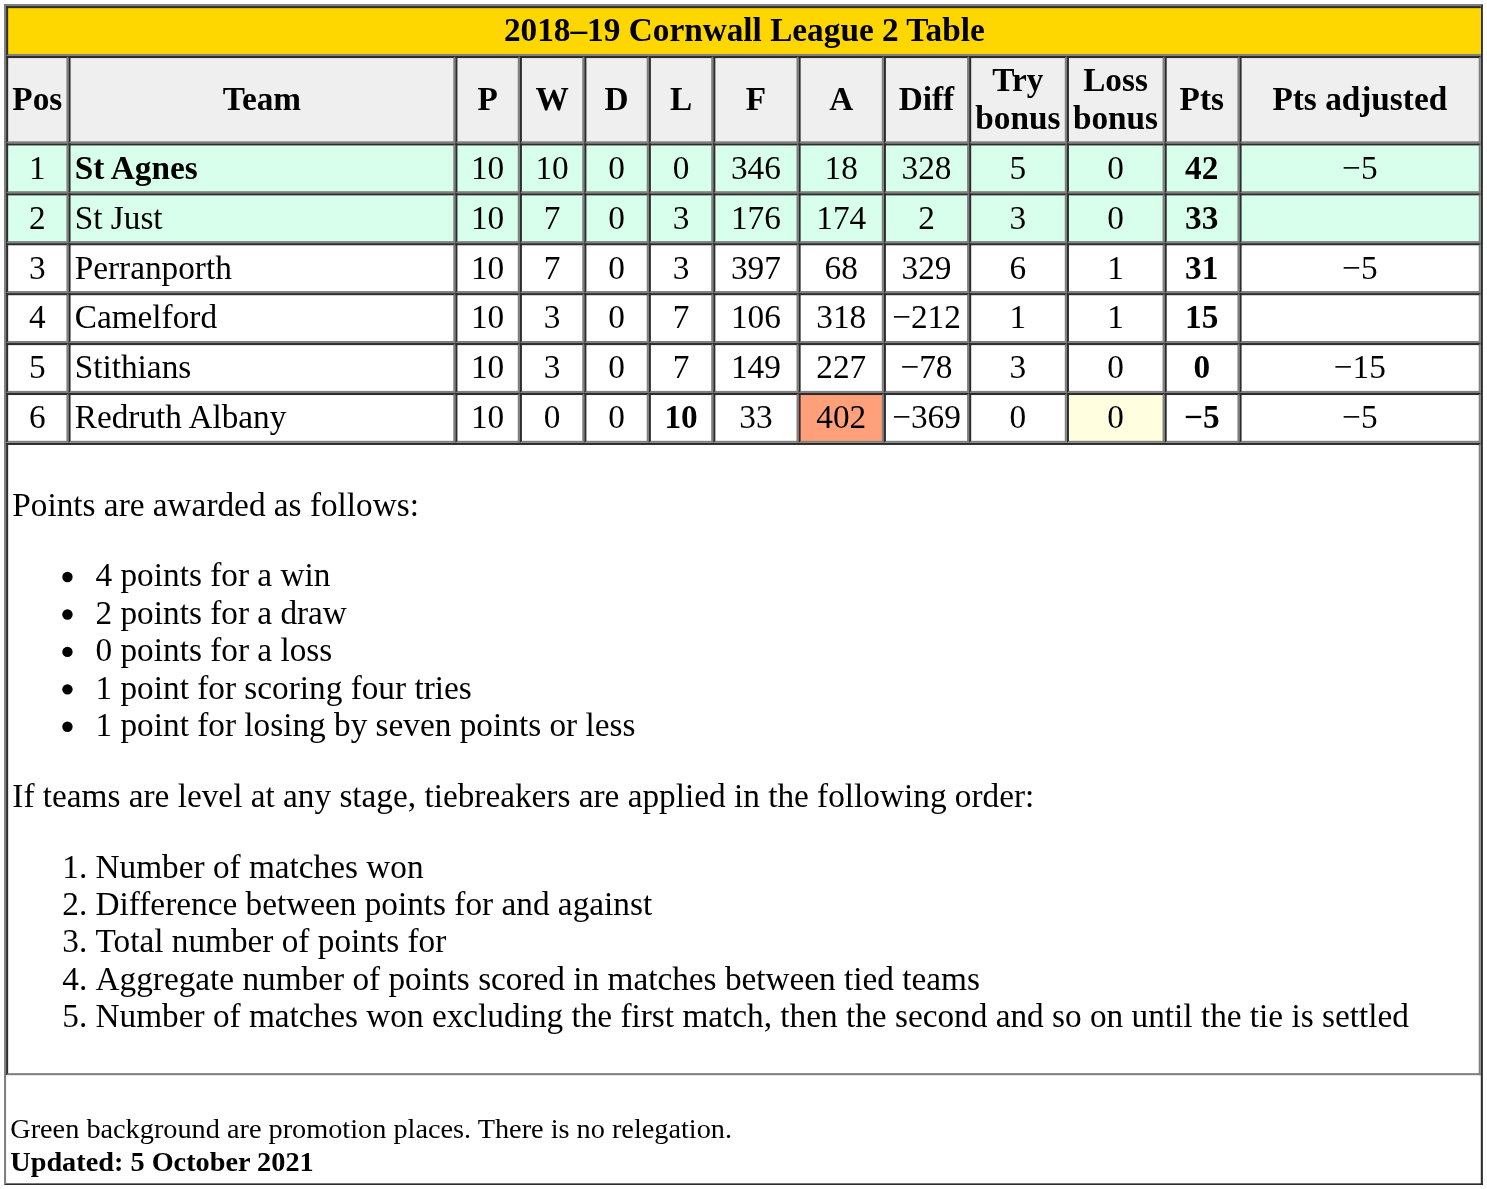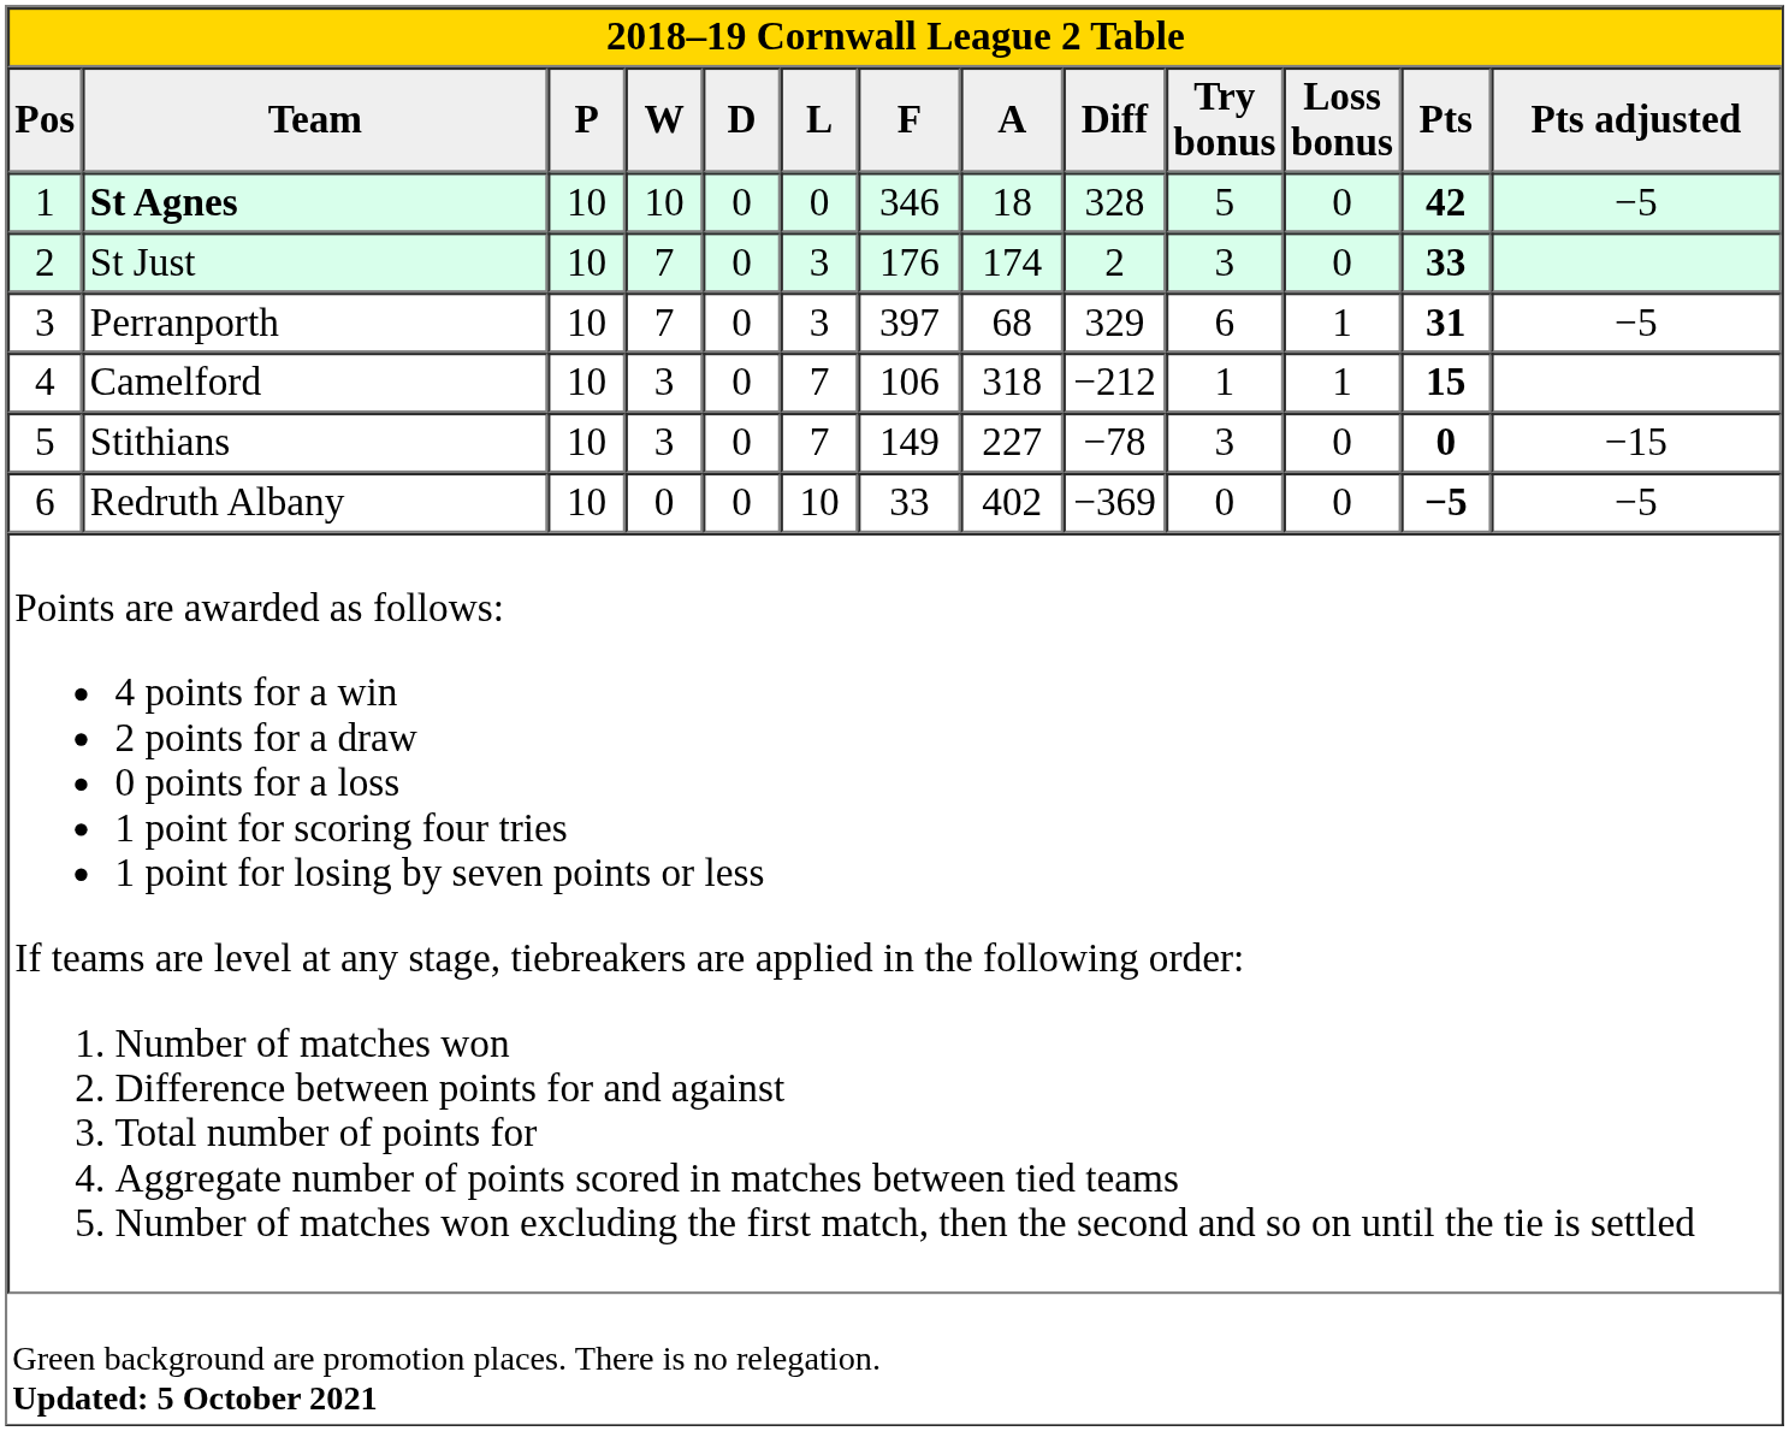 <table border="1" cellpadding="2" cellspacing="0">
 <tr bgcolor="gold">
 <th colspan=13 style="border-right:0px;";>2018–19 Cornwall League 2 Table</th>
 </tr>
 <tr bgcolor="#efefef">
 <th width="20">Pos</th>
 <th width="180">Team</th>
 <th width="25">P</th>
 <th width="25">W</th>
 <th width="25">D</th>
 <th width="25">L</th>
 <th width="35">F</th>
 <th width="35">A</th>
 <th width="35">Diff</th>
 <th width="35">Try bonus</th>
 <th width="35">Loss bonus</th>
 <th width="30">Pts</th>
 <th width="110">Pts adjusted</th>
 </tr>
 <tr bgcolor=#d8ffeb align=center>
 <td>1</td>
 <td align=left><strong>St Agnes</strong></td>
 <td>10</td>
 <td>10</td>
 <td>0</td>
 <td>0</td>
 <td>346</td>
 <td>18</td>
 <td>328</td>
 <td>5</td>
 <td>0</td>
 <td><strong>42</strong></td>
 <td>−5</td>
 </tr>
 <tr bgcolor=#d8ffeb align=center>
 <td>2</td>
 <td align=left>St Just</td>
 <td>10</td>
 <td>7</td>
 <td>0</td>
 <td>3</td>
 <td>176</td>
 <td>174</td>
 <td>2</td>
 <td>3</td>
 <td>0</td>
 <td><strong>33</strong></td>
 <td></td>
 </tr>
 <tr align=center>
 <td>3</td>
 <td align=left>Perranporth</td>
 <td>10</td>
 <td>7</td>
 <td>0</td>
 <td>3</td>
 <td>397</td>
 <td>68</td>
 <td>329</td>
 <td>6</td>
 <td>1</td>
 <td><strong>31</strong></td>
 <td>−5</td>
 </tr>
 <tr align=center>
 <td>4</td>
 <td align=left>Camelford</td>
 <td>10</td>
 <td>3</td>
 <td>0</td>
 <td>7</td>
 <td>106</td>
 <td>318</td>
 <td>−212</td>
 <td>1</td>
 <td>1</td>
 <td><strong>15</strong></td>
 <td></td>
 </tr>
 <tr align=center>
 <td>5</td>
 <td align=left>Stithians</td>
 <td>10</td>
 <td>3</td>
 <td>0</td>
 <td>7</td>
 <td>149</td>
 <td>227</td>
 <td>−78</td>
 <td>3</td>
 <td>0</td>
 <td><strong>0</strong></td>
 <td>−15</td>
 </tr>
 <tr align=center>
 <td>6</td>
 <td align=left>Redruth Albany</td>
 <td>10</td>
 <td>0</td>
 <td>0</td>
-<td><strong>10</strong></td>
+<td>10</td>
 <td>33</td>
-<td style="background: lightsalmon;">402</td>
+<td>402</td>
 <td>−369</td>
 <td>0</td>
-<td style="background: lightyellow;">0</td>
+<td>0</td>
 <td><strong>−5</strong></td>
 <td>−5</td>
 </tr>
 <tr bgcolor=#ffffff>
 <td colspan="13"><br>Points are awarded as follows:<ul><li>4 points for a win</li><li>2 points for a draw</li><li>0 points for a loss</li><li>1 point for scoring four tries</li><li>1 point for losing by seven points or less</li></ul>If teams are level at any stage, tiebreakers are applied in the following order:<ol><li>Number of matches won</li><li>Difference between points for and against</li><li>Total number of points for</li><li>Aggregate number of points scored in matches between tied teams</li><li>Number of matches won excluding the first match, then the second and so on until the tie is settled</li></ol></td>
 </tr>
 <tr |align=left|>
 <td colspan="15" style="border:0px;font-size:85%;"><br><span>Green background</span> are promotion places. There is no relegation. <br> <strong>Updated: 5 October 2021</strong></td>
 </tr>
 </table>
